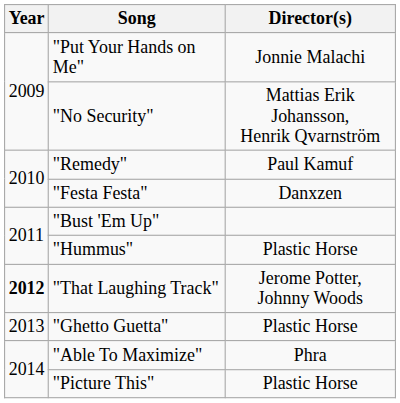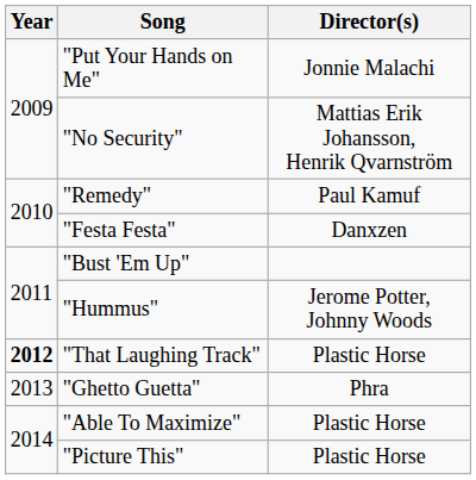 <table class="wikitable">
 <tr>
 <th width="20">Year</th>
 <th style="width:150px;">Song</th>
 <th style="width:145px;">Director(s)</th>
 </tr>
 <tr>
 <td style="text-align:center;" rowspan="2">2009</td>
 <td>"Put Your Hands on Me"</td>
 <td style="text-align:center;">Jonnie Malachi</td>
 </tr>
 <tr>
 <td>"No Security"</td>
 <td style="text-align:center;">Mattias Erik Johansson,<br> Henrik Qvarnström</td>
 </tr>
 <tr>
 <td rowspan="2">2010</td>
 <td>"Remedy"</td>
 <td style="text-align:center;">Paul Kamuf</td>
 </tr>
 <tr>
 <td>"Festa Festa"</td>
 <td style="text-align:center;">Danxzen</td>
 </tr>
 <tr>
 <td rowspan="2">2011</td>
 <td>"Bust 'Em Up"</td>
 <td></td>
 </tr>
 <tr>
 <td>"Hummus"</td>
-<td style="text-align:center;">Plastic Horse</td>
+<td style="text-align:center;">Jerome Potter, <br>Johnny Woods</td>
 </tr>
 <tr>
 <td><strong>2012</strong></td>
 <td>"That Laughing Track"</td>
-<td style="text-align:center;">Jerome Potter, <br>Johnny Woods</td>
+<td style="text-align:center;">Plastic Horse</td>
 </tr>
 <tr>
 <td>2013</td>
 <td>"Ghetto Guetta"</td>
-<td style="text-align:center;">Plastic Horse</td>
+<td style="text-align:center;">Phra</td>
 </tr>
 <tr>
 <td rowspan="2">2014</td>
 <td>"Able To Maximize"</td>
-<td style="text-align:center;">Phra</td>
+<td style="text-align:center;">Plastic Horse</td>
 </tr>
 <tr>
 <td>"Picture This"</td>
 <td style="text-align:center;">Plastic Horse</td>
 </tr>
 </table>
